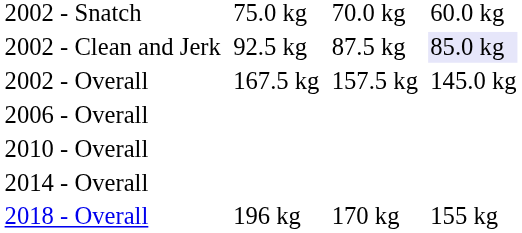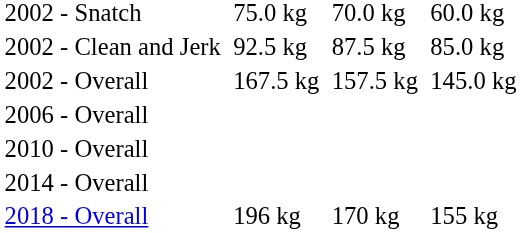 <table>
 <tr>
 <td>2002 - Snatch</td>
 <td></td>
 <td>75.0 kg</td>
 <td></td>
 <td>70.0 kg</td>
 <td></td>
 <td>60.0 kg</td>
 </tr>
 <tr>
 <td>2002 - Clean and Jerk</td>
 <td></td>
 <td>92.5 kg</td>
 <td></td>
 <td>87.5 kg</td>
 <td></td>
-<td style="background: lavender;">85.0 kg</td>
+<td>85.0 kg</td>
 </tr>
 <tr>
 <td>2002 - Overall</td>
 <td></td>
 <td>167.5 kg</td>
 <td></td>
 <td>157.5 kg</td>
 <td></td>
 <td>145.0 kg</td>
 </tr>
 <tr>
 <td>2006 - Overall<br></td>
 <td></td>
 <td></td>
 <td></td>
 <td></td>
 <td></td>
 <td></td>
 </tr>
 <tr>
 <td>2010 - Overall<br></td>
 <td></td>
 <td></td>
 <td></td>
 <td></td>
 <td></td>
 <td></td>
 </tr>
 <tr>
 <td>2014 - Overall<br></td>
 <td></td>
 <td></td>
 <td></td>
 <td></td>
 <td></td>
 <td></td>
 </tr>
 <tr>
 <td><a href='#'>2018 - Overall</a></td>
 <td></td>
 <td>196 kg</td>
 <td></td>
 <td>170 kg</td>
 <td></td>
 <td>155 kg</td>
 </tr>
 </table>
